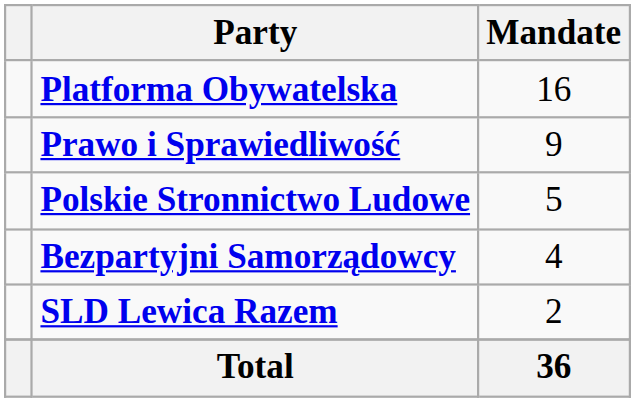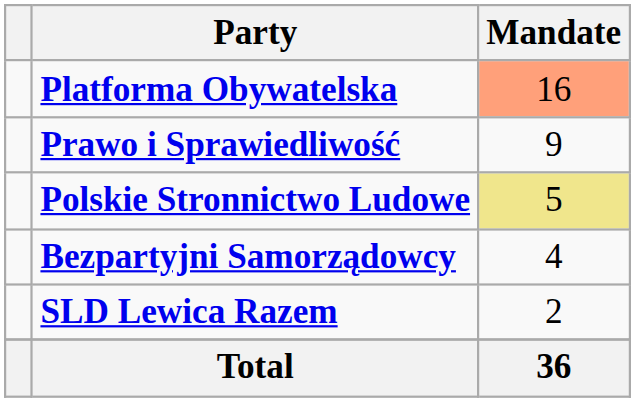 <table class="wikitable">
 <tr>
 <th width=5></th>
 <th>Party</th>
 <th>Mandate</th>
 </tr>
 <tr>
 <td style="background:"></td>
 <td><strong><a href='#'>Platforma Obywatelska</a></strong></td>
-<td align="center">16</td>
+<td align="center" style="background: lightsalmon;">16</td>
 </tr>
 <tr>
 <td style="background:"></td>
 <td><strong><a href='#'>Prawo i Sprawiedliwość</a></strong></td>
 <td align="center">9</td>
 </tr>
 <tr>
 <td style="background:"></td>
 <td><strong><a href='#'>Polskie Stronnictwo Ludowe</a></strong></td>
-<td align="center">5</td>
+<td align="center" style="background: khaki;">5</td>
 </tr>
 <tr>
 <td style="background:"></td>
 <td><strong><a href='#'>Bezpartyjni Samorządowcy</a></strong></td>
 <td align="center">4</td>
 </tr>
 <tr>
 <td style="background:"></td>
 <td><strong><a href='#'>SLD Lewica Razem</a></strong></td>
 <td align="center">2</td>
 </tr>
 <tr>
 </tr>
 <tr bgcolor="#ececec">
 <th></th>
 <th>Total</th>
 <th align="center">36</th>
 </tr>
 </table>
